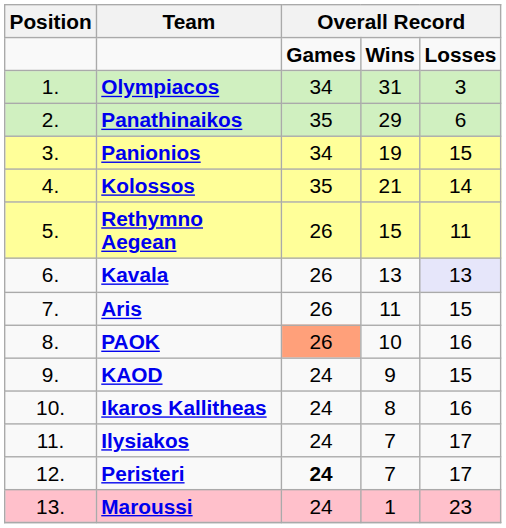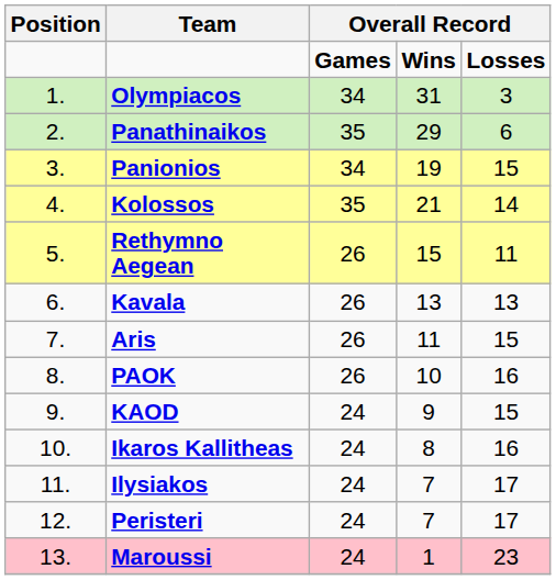 <table class="wikitable" style="text-align: center; font-size:95%">
 <tr>
 <th width="44">Position</th>
 <th width="128">Team</th>
 <th colspan=4>Overall Record</th>
 </tr>
 <tr>
 <td></td>
 <td></td>
 <td width="30"><strong>Games</strong></td>
 <td width="30"><strong>Wins</strong></td>
 <td width="30"><strong>Losses</strong></td>
 </tr>
 <tr bgcolor="D0F0C0">
 <td>1.</td>
 <td align="left"><strong><a href='#'>Olympiacos</a></strong></td>
 <td>34</td>
 <td>31</td>
 <td>3</td>
 </tr>
 <tr bgcolor="D0F0C0">
 <td>2.</td>
 <td align="left"><strong><a href='#'>Panathinaikos</a></strong></td>
 <td>35</td>
 <td>29</td>
 <td>6</td>
 </tr>
 <tr bgcolor="FFFF99">
 <td>3.</td>
 <td align="left"><strong><a href='#'>Panionios</a></strong></td>
 <td>34</td>
 <td>19</td>
 <td>15</td>
 </tr>
 <tr bgcolor="FFFF99">
 <td>4.</td>
 <td align="left"><strong><a href='#'>Kolossos</a></strong></td>
 <td>35</td>
 <td>21</td>
 <td>14</td>
 </tr>
 <tr bgcolor="FFFF99">
 <td>5.</td>
 <td align="left"><strong><a href='#'>Rethymno Aegean</a></strong></td>
 <td>26</td>
 <td>15</td>
 <td>11</td>
 </tr>
 <tr>
 <td>6.</td>
 <td align="left"><strong><a href='#'>Kavala</a></strong></td>
 <td>26</td>
 <td>13</td>
-<td style="background: lavender;">13</td>
+<td>13</td>
 </tr>
 <tr>
 <td>7.</td>
 <td align="left"><strong><a href='#'>Aris</a></strong></td>
 <td>26</td>
 <td>11</td>
 <td>15</td>
 </tr>
 <tr>
 <td>8.</td>
 <td align="left"><strong><a href='#'>PAOK</a></strong></td>
-<td style="background: lightsalmon;">26</td>
+<td>26</td>
 <td>10</td>
 <td>16</td>
 </tr>
 <tr>
 <td>9.</td>
 <td align="left"><strong><a href='#'>KAOD</a></strong></td>
 <td>24</td>
 <td>9</td>
 <td>15</td>
 </tr>
 <tr>
 <td>10.</td>
 <td align="left"><strong><a href='#'>Ikaros Kallitheas</a></strong></td>
 <td>24</td>
 <td>8</td>
 <td>16</td>
 </tr>
 <tr>
 <td>11.</td>
 <td align="left"><strong><a href='#'>Ilysiakos</a></strong></td>
 <td>24</td>
 <td>7</td>
 <td>17</td>
 </tr>
 <tr>
 <td>12.</td>
 <td align="left"><strong><a href='#'>Peristeri</a></strong></td>
-<td><strong>24</strong></td>
+<td>24</td>
 <td>7</td>
 <td>17</td>
 </tr>
 <tr bgcolor="ffc0cb">
 <td>13.</td>
 <td align="left"><strong><a href='#'>Maroussi</a></strong></td>
 <td>24</td>
 <td>1</td>
 <td>23</td>
 </tr>
 <tr bgcolor="ffc0cb">
 </tr>
 </table>
